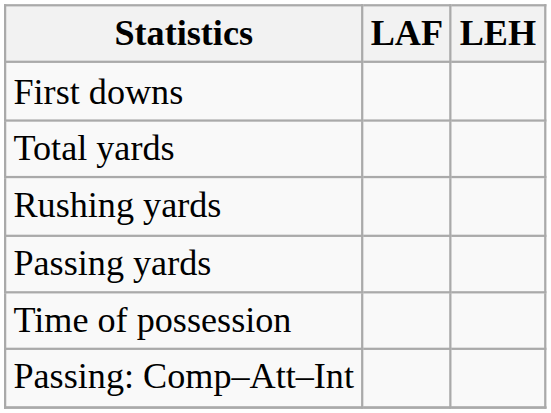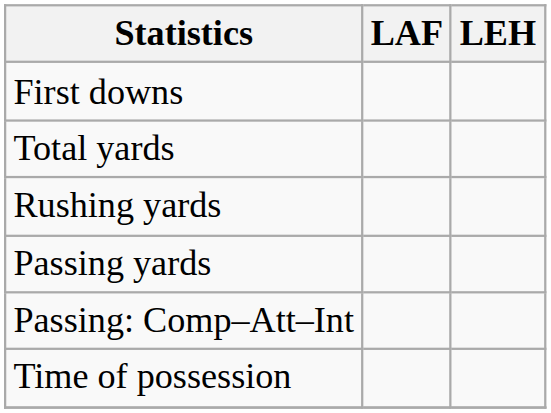 <table class="wikitable" style="float: left;">
 <tr>
 <th>Statistics</th>
 <th>LAF</th>
 <th>LEH</th>
 </tr>
 <tr>
 <td>First downs</td>
 <td></td>
 <td></td>
 </tr>
 <tr>
 <td>Total yards</td>
 <td></td>
 <td></td>
 </tr>
 <tr>
 <td>Rushing yards</td>
 <td></td>
 <td></td>
 </tr>
 <tr>
 <td>Passing yards</td>
 <td></td>
 <td></td>
 </tr>
 <tr>
-<td>Time of possession</td>
+<td>Passing: Comp–Att–Int</td>
 <td></td>
 <td></td>
 </tr>
 <tr>
-<td>Passing: Comp–Att–Int</td>
+<td>Time of possession</td>
 <td></td>
 <td></td>
 </tr>
 <tr>
 </tr>
 </table>
